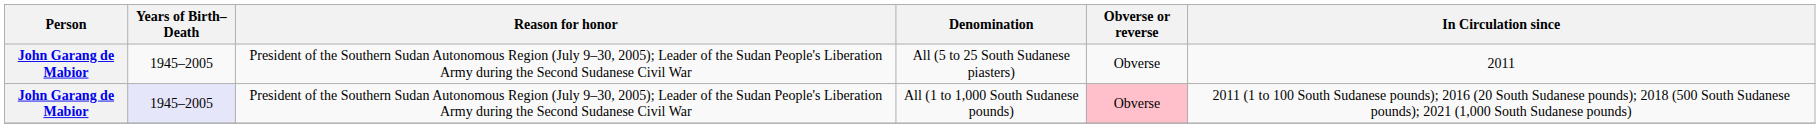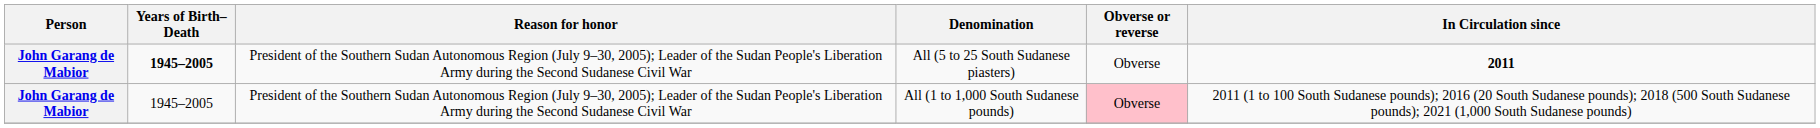 <table class="wikitable" style="font-size: 95%; text-align:center;">
 <tr>
 <th>Person</th>
 <th>Years of Birth–Death</th>
 <th>Reason for honor</th>
 <th>Denomination</th>
 <th>Obverse or reverse</th>
 <th>In Circulation since</th>
 </tr>
 <tr>
 <th><a href='#'>John Garang de Mabior</a></th>
-<td>1945–2005</td>
+<td><strong>1945–2005</strong></td>
 <td>President of the Southern Sudan Autonomous Region (July 9–30, 2005); Leader of the Sudan People's Liberation Army during the Second Sudanese Civil War</td>
 <td>All (5 to 25 South Sudanese piasters)</td>
 <td>Obverse</td>
-<td>2011</td>
+<td><strong>2011</strong></td>
 </tr>
 <tr>
 <th><a href='#'>John Garang de Mabior</a></th>
-<td style="background: lavender;">1945–2005</td>
+<td>1945–2005</td>
 <td>President of the Southern Sudan Autonomous Region (July 9–30, 2005); Leader of the Sudan People's Liberation Army during the Second Sudanese Civil War</td>
 <td>All (1 to 1,000 South Sudanese pounds)</td>
 <td style="background: pink;">Obverse</td>
 <td>2011 (1 to 100 South Sudanese pounds); 2016 (20 South Sudanese pounds); 2018 (500 South Sudanese pounds); 2021 (1,000 South Sudanese pounds)</td>
 </tr>
 <tr>
 </tr>
 </table>
